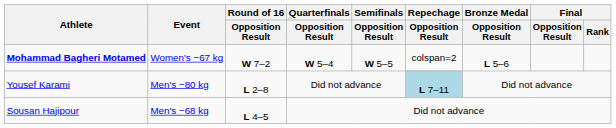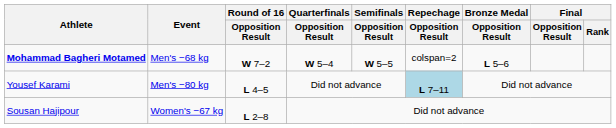 <table class="wikitable" style="font-size:90%;">
 <tr>
 <th rowspan=2>Athlete</th>
 <th rowspan=2>Event</th>
 <th>Round of 16</th>
 <th>Quarterfinals</th>
 <th>Semifinals</th>
 <th>Repechage</th>
 <th>Bronze Medal</th>
 <th colspan=2>Final</th>
 </tr>
 <tr style="font-size:95%">
 <th>Opposition<br>Result</th>
 <th>Opposition<br>Result</th>
 <th>Opposition<br>Result</th>
 <th>Opposition<br>Result</th>
 <th>Opposition<br>Result</th>
 <th>Opposition<br>Result</th>
 <th>Rank</th>
 </tr>
 <tr align=center>
 <td align=left><strong><a href='#'>Mohammad Bagheri Motamed</a></strong></td>
-<td align=left><a href='#'>Women's −67 kg</a></td>
+<td align=left><a href='#'>Men's −68 kg</a></td>
 <td><br><strong>W</strong> 7–2</td>
 <td><br><strong>W</strong> 5–4</td>
 <td><br><strong>W</strong> 5–5 </td>
 <td>colspan=2 </td>
 <td><br><strong>L</strong> 5–6</td>
 <td></td>
 </tr>
 <tr align=center>
 <td align=left><a href='#'>Yousef Karami</a></td>
 <td align=left><a href='#'>Men's −80 kg</a></td>
-<td><br><strong>L</strong> 2–8</td>
+<td><br><strong>L</strong> 4–5</td>
 <td colspan=2>Did not advance</td>
 <td style="background: lightblue;"><br><strong>L</strong> 7–11</td>
 <td colspan=3>Did not advance</td>
 </tr>
 <tr align=center>
 <td align=left><a href='#'>Sousan Hajipour</a></td>
-<td align=left><a href='#'>Men's −68 kg</a></td>
-<td><br><strong>L</strong> 4–5</td>
+<td align=left><a href='#'>Women's −67 kg</a></td>
+<td><br><strong>L</strong> 2–8</td>
 <td colspan=6>Did not advance</td>
 </tr>
 </table>
